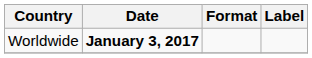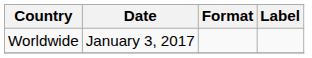 <table class="wikitable plainrowheaders">
 <tr>
 <th scope="col">Country</th>
 <th>Date</th>
 <th>Format</th>
 <th>Label</th>
 </tr>
 <tr>
 <td>Worldwide</td>
-<td><strong>January 3, 2017</strong></td>
+<td>January 3, 2017</td>
 <td></td>
 <td></td>
 </tr>
 <tr>
 </tr>
 </table>
